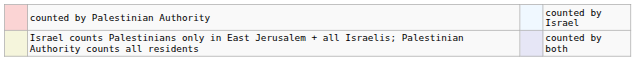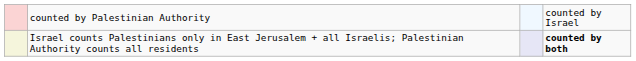 <table class="wikitable">
 <tr>
 <td style="background:#fbd4d4; width:2em;"></td>
 <td>counted by Palestinian Authority</td>
 <td style="background:aliceblue; width:2em;"></td>
 <td>counted by Israel</td>
 </tr>
 <tr>
 <td style="background:beige; width:2em;"></td>
 <td>Israel counts Palestinians only in East Jerusalem + all Israelis; Palestinian Authority counts all residents</td>
 <td style="background:#e6e6f6; width:2em;"></td>
-<td>counted by both</td>
+<td><strong>counted by both</strong></td>
 </tr>
 </table>
